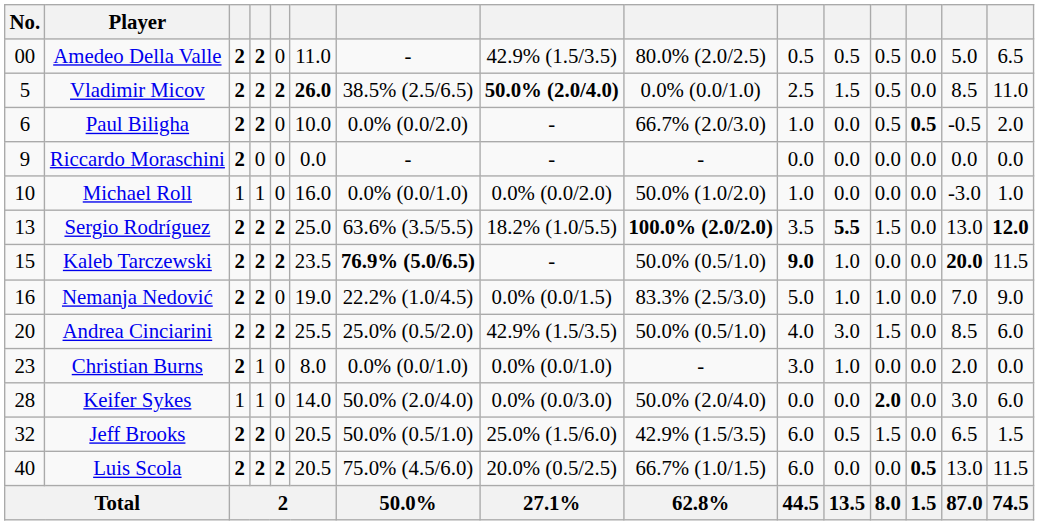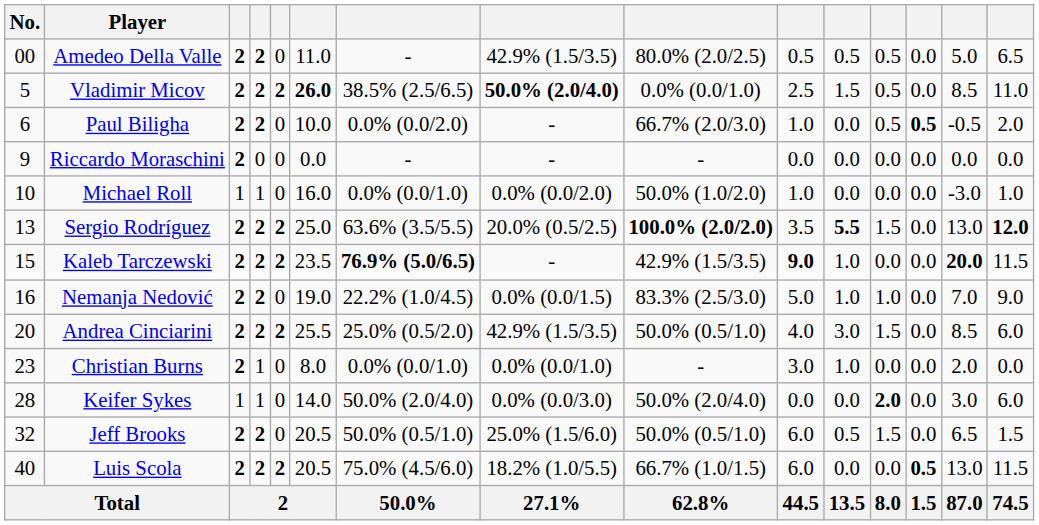 <table class="wikitable sortable" style="text-align:center; font-size:95%">
 <tr>
 <th>No.</th>
 <th>Player</th>
 <th></th>
 <th></th>
 <th></th>
 <th></th>
 <th></th>
 <th></th>
 <th></th>
 <th></th>
 <th></th>
 <th></th>
 <th></th>
 <th></th>
 <th></th>
 </tr>
 <tr>
 <td>00</td>
 <td><a href='#'>Amedeo Della Valle</a></td>
 <td><strong>2</strong></td>
 <td><strong>2</strong></td>
 <td>0</td>
 <td>11.0</td>
 <td>-</td>
 <td>42.9% (1.5/3.5)</td>
 <td>80.0% (2.0/2.5)</td>
 <td>0.5</td>
 <td>0.5</td>
 <td>0.5</td>
 <td>0.0</td>
 <td>5.0</td>
 <td>6.5</td>
 </tr>
 <tr>
 <td>5</td>
 <td><a href='#'>Vladimir Micov</a></td>
 <td><strong>2</strong></td>
 <td><strong>2</strong></td>
 <td><strong>2</strong></td>
 <td><strong>26.0</strong></td>
 <td>38.5% (2.5/6.5)</td>
 <td><strong>50.0% (2.0/4.0)</strong></td>
 <td>0.0% (0.0/1.0)</td>
 <td>2.5</td>
 <td>1.5</td>
 <td>0.5</td>
 <td>0.0</td>
 <td>8.5</td>
 <td>11.0</td>
 </tr>
 <tr>
 <td>6</td>
 <td><a href='#'>Paul Biligha</a></td>
 <td><strong>2</strong></td>
 <td><strong>2</strong></td>
 <td>0</td>
 <td>10.0</td>
 <td>0.0% (0.0/2.0)</td>
 <td>-</td>
 <td>66.7% (2.0/3.0)</td>
 <td>1.0</td>
 <td>0.0</td>
 <td>0.5</td>
 <td><strong>0.5</strong></td>
 <td>-0.5</td>
 <td>2.0</td>
 </tr>
 <tr>
 <td>9</td>
 <td><a href='#'>Riccardo Moraschini</a></td>
 <td><strong>2</strong></td>
 <td>0</td>
 <td>0</td>
 <td>0.0</td>
 <td>-</td>
 <td>-</td>
 <td>-</td>
 <td>0.0</td>
 <td>0.0</td>
 <td>0.0</td>
 <td>0.0</td>
 <td>0.0</td>
 <td>0.0</td>
 </tr>
 <tr>
 <td>10</td>
 <td><a href='#'>Michael Roll</a></td>
 <td>1</td>
 <td>1</td>
 <td>0</td>
 <td>16.0</td>
 <td>0.0% (0.0/1.0)</td>
 <td>0.0% (0.0/2.0)</td>
 <td>50.0% (1.0/2.0)</td>
 <td>1.0</td>
 <td>0.0</td>
 <td>0.0</td>
 <td>0.0</td>
 <td>-3.0</td>
 <td>1.0</td>
 </tr>
 <tr>
 <td>13</td>
 <td><a href='#'>Sergio Rodríguez</a></td>
 <td><strong>2</strong></td>
 <td><strong>2</strong></td>
 <td><strong>2</strong></td>
 <td>25.0</td>
 <td>63.6% (3.5/5.5)</td>
-<td>18.2% (1.0/5.5)</td>
+<td>20.0% (0.5/2.5)</td>
 <td><strong>100.0% (2.0/2.0)</strong></td>
 <td>3.5</td>
 <td><strong>5.5</strong></td>
 <td>1.5</td>
 <td>0.0</td>
 <td>13.0</td>
 <td><strong>12.0</strong></td>
 </tr>
 <tr>
 <td>15</td>
 <td><a href='#'>Kaleb Tarczewski</a></td>
 <td><strong>2</strong></td>
 <td><strong>2</strong></td>
 <td><strong>2</strong></td>
 <td>23.5</td>
 <td><strong>76.9% (5.0/6.5)</strong></td>
 <td>-</td>
-<td>50.0% (0.5/1.0)</td>
+<td>42.9% (1.5/3.5)</td>
 <td><strong>9.0</strong></td>
 <td>1.0</td>
 <td>0.0</td>
 <td>0.0</td>
 <td><strong>20.0</strong></td>
 <td>11.5</td>
 </tr>
 <tr>
 <td>16</td>
 <td><a href='#'>Nemanja Nedović</a></td>
 <td><strong>2</strong></td>
 <td><strong>2</strong></td>
 <td>0</td>
 <td>19.0</td>
 <td>22.2% (1.0/4.5)</td>
 <td>0.0% (0.0/1.5)</td>
 <td>83.3% (2.5/3.0)</td>
 <td>5.0</td>
 <td>1.0</td>
 <td>1.0</td>
 <td>0.0</td>
 <td>7.0</td>
 <td>9.0</td>
 </tr>
 <tr>
 <td>20</td>
 <td><a href='#'>Andrea Cinciarini</a></td>
 <td><strong>2</strong></td>
 <td><strong>2</strong></td>
 <td><strong>2</strong></td>
 <td>25.5</td>
 <td>25.0% (0.5/2.0)</td>
 <td>42.9% (1.5/3.5)</td>
 <td>50.0% (0.5/1.0)</td>
 <td>4.0</td>
 <td>3.0</td>
 <td>1.5</td>
 <td>0.0</td>
 <td>8.5</td>
 <td>6.0</td>
 </tr>
 <tr>
 <td>23</td>
 <td><a href='#'>Christian Burns</a></td>
 <td><strong>2</strong></td>
 <td>1</td>
 <td>0</td>
 <td>8.0</td>
 <td>0.0% (0.0/1.0)</td>
 <td>0.0% (0.0/1.0)</td>
 <td>-</td>
 <td>3.0</td>
 <td>1.0</td>
 <td>0.0</td>
 <td>0.0</td>
 <td>2.0</td>
 <td>0.0</td>
 </tr>
 <tr>
 <td>28</td>
 <td><a href='#'>Keifer Sykes</a></td>
 <td>1</td>
 <td>1</td>
 <td>0</td>
 <td>14.0</td>
 <td>50.0% (2.0/4.0)</td>
 <td>0.0% (0.0/3.0)</td>
 <td>50.0% (2.0/4.0)</td>
 <td>0.0</td>
 <td>0.0</td>
 <td><strong>2.0</strong></td>
 <td>0.0</td>
 <td>3.0</td>
 <td>6.0</td>
 </tr>
 <tr>
 <td>32</td>
 <td><a href='#'>Jeff Brooks</a></td>
 <td><strong>2</strong></td>
 <td><strong>2</strong></td>
 <td>0</td>
 <td>20.5</td>
 <td>50.0% (0.5/1.0)</td>
 <td>25.0% (1.5/6.0)</td>
-<td>42.9% (1.5/3.5)</td>
+<td>50.0% (0.5/1.0)</td>
 <td>6.0</td>
 <td>0.5</td>
 <td>1.5</td>
 <td>0.0</td>
 <td>6.5</td>
 <td>1.5</td>
 </tr>
 <tr>
 <td>40</td>
 <td><a href='#'>Luis Scola</a></td>
 <td><strong>2</strong></td>
 <td><strong>2</strong></td>
 <td><strong>2</strong></td>
 <td>20.5</td>
 <td>75.0% (4.5/6.0)</td>
-<td>20.0% (0.5/2.5)</td>
+<td>18.2% (1.0/5.5)</td>
 <td>66.7% (1.0/1.5)</td>
 <td>6.0</td>
 <td>0.0</td>
 <td>0.0</td>
 <td><strong>0.5</strong></td>
 <td>13.0</td>
 <td>11.5</td>
 </tr>
 <tr class="sortbottom">
 <th colspan=2>Total</th>
 <th colspan=4>2</th>
 <th>50.0%</th>
 <th>27.1%</th>
 <th>62.8%</th>
 <th>44.5</th>
 <th>13.5</th>
 <th>8.0</th>
 <th>1.5</th>
 <th>87.0</th>
 <th>74.5</th>
 </tr>
 </table>
